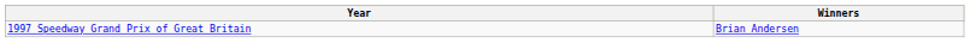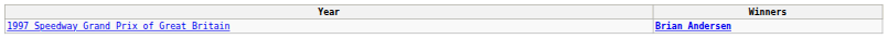 <table class="wikitable" width=100%>
 <tr bgcolor=#bdb76b>
 <th>Year</th>
 <th>Winners</th>
 </tr>
 <tr>
 <td><a href='#'>1997 Speedway Grand Prix of Great Britain</a></td>
-<td> <a href='#'>Brian Andersen</a></td>
+<td><strong> <a href='#'>Brian Andersen</a></strong></td>
 </tr>
 </table>
